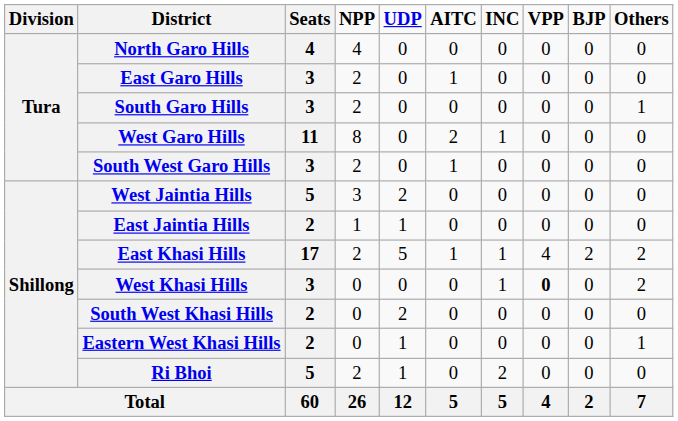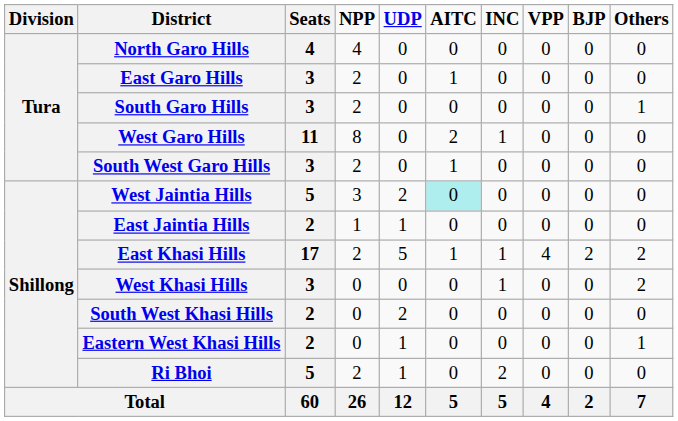 <table class="wikitable sortable" style="text-align:center;">
 <tr>
 <th>Division</th>
 <th>District</th>
 <th>Seats</th>
 <td><span><strong>NPP</strong></span></td>
 <td><a href='#'><span><strong>UDP</strong></span></a></td>
 <td><span><strong>AITC</strong></span></td>
 <td><span><strong>INC</strong></span></td>
 <td><span><strong>VPP</strong></span></td>
 <td><span><strong>BJP</strong></span></td>
 <td><span><strong>Others</strong></span></td>
 </tr>
 <tr>
 <th rowspan="5">Tura</th>
 <th><a href='#'>North Garo Hills</a></th>
 <th>4</th>
 <td style="background:">4</td>
 <td>0</td>
 <td>0</td>
 <td>0</td>
 <td>0</td>
 <td>0</td>
 <td>0</td>
 </tr>
 <tr>
 <th><a href='#'>East Garo Hills</a></th>
 <th>3</th>
 <td style="background:">2</td>
 <td>0</td>
 <td>1</td>
 <td>0</td>
 <td>0</td>
 <td>0</td>
 <td>0</td>
 </tr>
 <tr>
 <th><a href='#'>South Garo Hills</a></th>
 <th>3</th>
 <td style="background:">2</td>
 <td>0</td>
 <td>0</td>
 <td>0</td>
 <td>0</td>
 <td>0</td>
 <td>1</td>
 </tr>
 <tr>
 <th><a href='#'>West Garo Hills</a></th>
 <th>11</th>
 <td style="background:">8</td>
 <td>0</td>
 <td>2</td>
 <td>1</td>
 <td>0</td>
 <td>0</td>
 <td>0</td>
 </tr>
 <tr>
 <th><a href='#'>South West Garo Hills</a></th>
 <th>3</th>
 <td style="background:">2</td>
 <td>0</td>
 <td>1</td>
 <td>0</td>
 <td>0</td>
 <td>0</td>
 <td>0</td>
 </tr>
 <tr>
 <th rowspan="7">Shillong</th>
 <th><a href='#'>West Jaintia Hills</a></th>
 <th>5</th>
 <td style="background:">3</td>
 <td>2</td>
-<td>0</td>
+<td style="background: paleturquoise;">0</td>
 <td>0</td>
 <td>0</td>
 <td>0</td>
 <td>0</td>
 </tr>
 <tr>
 <th><a href='#'>East Jaintia Hills</a></th>
 <th>2</th>
 <td>1</td>
 <td>1</td>
 <td>0</td>
 <td>0</td>
 <td>0</td>
 <td>0</td>
 <td>0</td>
 </tr>
 <tr>
 <th><a href='#'>East Khasi Hills</a></th>
 <th>17</th>
 <td>2</td>
 <td style="background:">5</td>
 <td>1</td>
 <td>1</td>
 <td>4</td>
 <td>2</td>
 <td>2</td>
 </tr>
 <tr>
 <th><a href='#'>West Khasi Hills</a></th>
 <th>3</th>
 <td>0</td>
 <td>0</td>
 <td>0</td>
 <td>1</td>
-<td><strong>0</strong></td>
+<td>0</td>
 <td>0</td>
 <td>2</td>
 </tr>
 <tr>
 <th><a href='#'>South West Khasi Hills</a></th>
 <th>2</th>
 <td>0</td>
 <td style="background:">2</td>
 <td>0</td>
 <td>0</td>
 <td>0</td>
 <td>0</td>
 <td>0</td>
 </tr>
 <tr>
 <th><a href='#'>Eastern West Khasi Hills</a></th>
 <th>2</th>
 <td>0</td>
 <td>1</td>
 <td>0</td>
 <td>0</td>
 <td>0</td>
 <td>0</td>
 <td>1</td>
 </tr>
 <tr>
 <th><a href='#'>Ri Bhoi</a></th>
 <th>5</th>
 <td>2</td>
 <td>1</td>
 <td>0</td>
 <td>2</td>
 <td>0</td>
 <td>0</td>
 <td>0</td>
 </tr>
 <tr>
 <th colspan="2">Total</th>
 <th>60</th>
 <th>26</th>
 <th>12</th>
 <th>5</th>
 <th>5</th>
 <th>4</th>
 <th>2</th>
 <th>7</th>
 </tr>
 </table>
